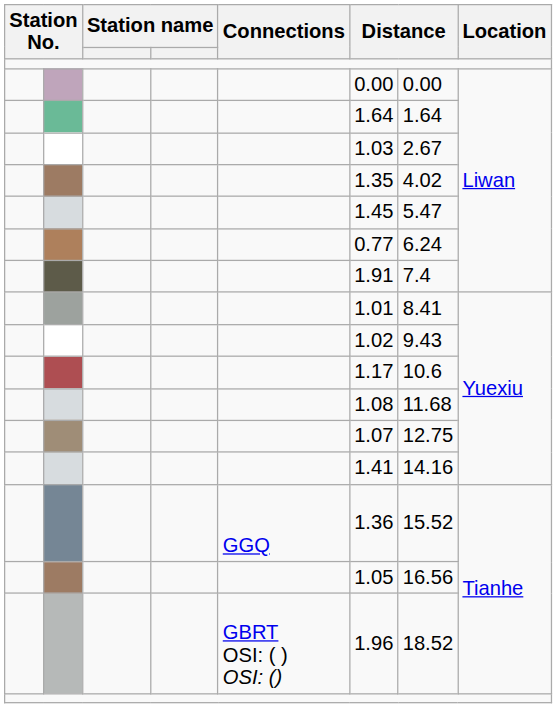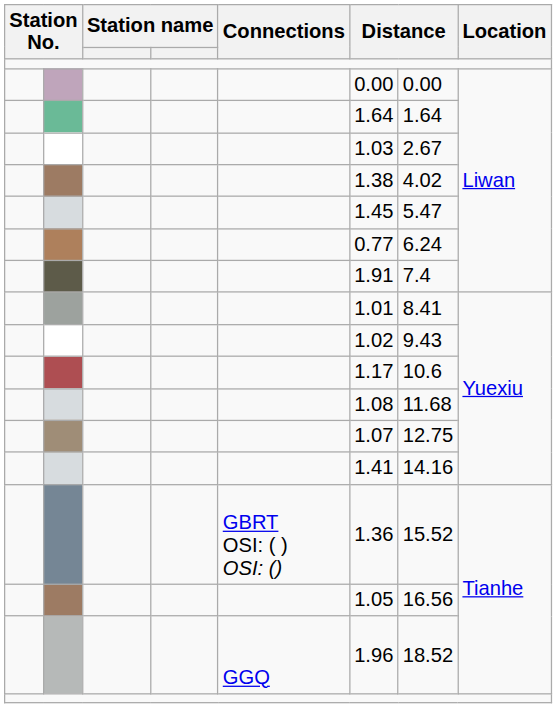 <table class="wikitable">
 <tr>
 <th rowspan="2" colspan="2">Station<br>No.</th>
 <th colspan="2">Station name</th>
 <th rowspan="2">Connections</th>
 <th colspan="2" rowspan="2">Distance<br></th>
 <th rowspan="2">Location</th>
 </tr>
 <tr>
 <th></th>
 <th></th>
 </tr>
 <tr style="background:#">
 <td colspan = "8"></td>
 </tr>
 <tr>
 <td></td>
 <td style="background:#bfa5bb"></td>
 <td></td>
 <td></td>
 <td>    </td>
 <td>0.00</td>
 <td>0.00</td>
 <td rowspan=7><a href='#'>Liwan</a></td>
 </tr>
 <tr>
 <td></td>
 <td style="background:#6aba97"></td>
 <td></td>
 <td></td>
 <td></td>
 <td>1.64</td>
 <td>1.64</td>
 </tr>
 <tr>
 <td></td>
 <td style="background:#ffffff"></td>
 <td></td>
 <td></td>
 <td></td>
 <td>1.03</td>
 <td>2.67</td>
 </tr>
 <tr>
 <td></td>
 <td style="background:#9d7b63"></td>
 <td></td>
 <td></td>
 <td>  </td>
-<td>1.35</td>
+<td>1.38</td>
 <td>4.02</td>
 </tr>
 <tr>
 <td></td>
 <td style="background:#d7dcdf"></td>
 <td></td>
 <td></td>
 <td> </td>
 <td>1.45</td>
 <td>5.47</td>
 </tr>
 <tr>
 <td></td>
 <td style="background:#ae805c"></td>
 <td></td>
 <td></td>
 <td></td>
 <td>0.77</td>
 <td>6.24</td>
 </tr>
 <tr>
 <td></td>
 <td style="background:#5d5b49"></td>
 <td></td>
 <td></td>
 <td> </td>
 <td>1.91</td>
 <td>7.4</td>
 </tr>
 <tr>
 <td></td>
 <td style="background:#9da29e"></td>
 <td></td>
 <td></td>
 <td></td>
 <td>1.01</td>
 <td>8.41</td>
 <td rowspan=6><a href='#'>Yuexiu</a></td>
 </tr>
 <tr>
 <td></td>
 <td style="background:#ffffff"></td>
 <td></td>
 <td></td>
 <td> </td>
 <td>1.02</td>
 <td>9.43</td>
 </tr>
 <tr>
 <td></td>
 <td style="background:#ae4e52"></td>
 <td></td>
 <td></td>
 <td></td>
 <td>1.17</td>
 <td>10.6</td>
 </tr>
 <tr>
 <td></td>
 <td style="background:#d7dcdf"></td>
 <td></td>
 <td></td>
 <td> </td>
 <td>1.08</td>
 <td>11.68</td>
 </tr>
 <tr>
 <td></td>
 <td style="background:#9f8d77"></td>
 <td></td>
 <td></td>
 <td> </td>
 <td>1.07</td>
 <td>12.75</td>
 </tr>
 <tr>
 <td></td>
 <td style="background:#d7dcdf"></td>
 <td></td>
 <td></td>
 <td> </td>
 <td>1.41</td>
 <td>14.16</td>
 </tr>
 <tr>
 <td></td>
 <td style="background:#758695"></td>
 <td></td>
 <td></td>
-<td> <br> <br>   <a href='#'>GGQ</a></td>
+<td> <br>  <a href='#'>GBRT</a><br>OSI:  ( )<br><em>OSI:  ()</em></td>
 <td>1.36</td>
 <td>15.52</td>
 <td rowspan=3><a href='#'>Tianhe</a></td>
 </tr>
 <tr>
 <td></td>
 <td style="background:#9d7b63"></td>
 <td></td>
 <td></td>
 <td></td>
 <td>1.05</td>
 <td>16.56</td>
 </tr>
 <tr>
 <td></td>
 <td style="background:#b6b9b8"></td>
 <td></td>
 <td></td>
-<td> <br>  <a href='#'>GBRT</a><br>OSI:  ( )<br><em>OSI:  ()</em></td>
+<td> <br> <br>   <a href='#'>GGQ</a></td>
 <td>1.96</td>
 <td>18.52</td>
 </tr>
 <tr style="background:#">
 <td colspan = "8"></td>
 </tr>
 </table>
